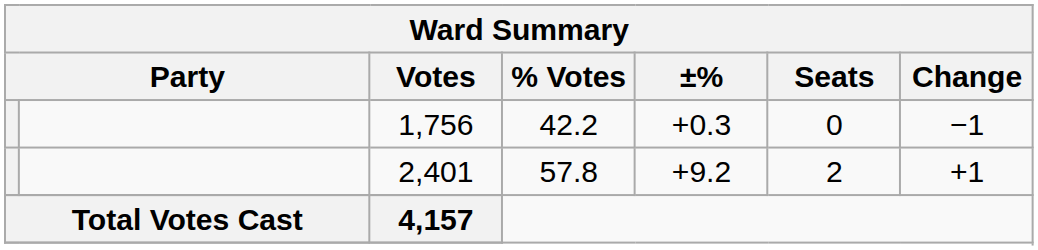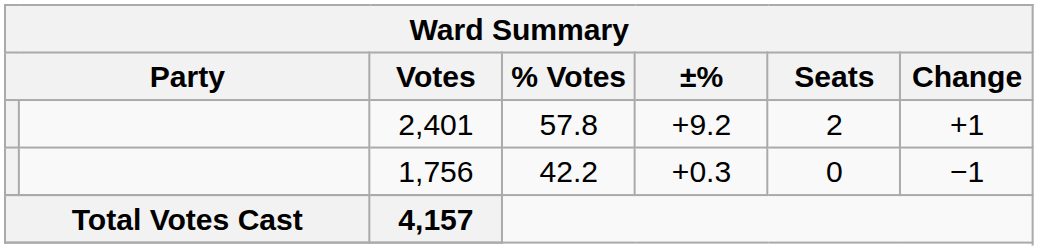 <table class="wikitable" style="font-size: 95%;">
 <tr style="background-color:#E9E9E9">
 <th colspan="7">Ward Summary</th>
 </tr>
 <tr style="background-color:#E9E9E9">
 <th colspan="2">Party</th>
 <th style="width: 60px">Votes</th>
 <th style="width: 60px">% Votes</th>
 <th style="width: 60px">±%</th>
 <th style="width: 60px">Seats</th>
 <th style="width: 60px">Change</th>
 </tr>
 <tr>
 <th style="background-color: "></th>
 <td style="width: 170px"><a href='#'></a></td>
+<td align="center">2,401</td>
+<td align="center">57.8</td>
+<td align="center">+9.2</td>
+<td align="center">2</td>
+<td align="center">+1</td>
+</tr>
+<tr>
+<th style="background-color: "></th>
+<td style="width: 170px"><a href='#'></a></td>
 <td align="center">1,756</td>
 <td align="center">42.2</td>
 <td align="center">+0.3</td>
 <td align="center">0</td>
 <td align="center">−1</td>
-</tr>
-<tr>
-<th style="background-color: "></th>
-<td style="width: 170px"><a href='#'></a></td>
-<td align="center">2,401</td>
-<td align="center">57.8</td>
-<td align="center">+9.2</td>
-<td align="center">2</td>
-<td align="center">+1</td>
 </tr>
 <tr>
 </tr>
 <tr style="background-color:#E9E9E9">
 <th colspan="2">Total Votes Cast</th>
 <th style="width: 60px">4,157</th>
 </tr>
 <tr style="background-color:#E9E9E9">
 </tr>
 </table>
